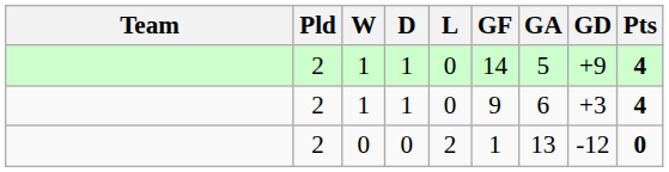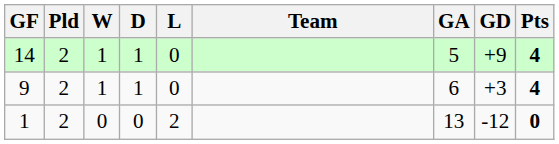 <table class="wikitable" style="text-align: center;">
 <tr>
-<th style="width:175px;">Team</th>
+<th width="20">GF</th>
 <th width="20">Pld</th>
 <th width="20">W</th>
 <th width="20">D</th>
 <th width="20">L</th>
-<th width="20">GF</th>
+<th style="width:175px;">Team</th>
 <th width="20">GA</th>
 <th width="20">GD</th>
 <th width="20">Pts</th>
 </tr>
 <tr style="background:#cfc;">
-<td style="text-align:left;"></td>
+<td>14</td>
 <td>2</td>
 <td>1</td>
 <td>1</td>
 <td>0</td>
-<td>14</td>
+<td style="text-align:left;"></td>
 <td>5</td>
 <td>+9</td>
 <td><strong>4</strong></td>
 </tr>
 <tr align=center>
-<td style="text-align:left;"></td>
+<td>9</td>
 <td>2</td>
 <td>1</td>
 <td>1</td>
 <td>0</td>
-<td>9</td>
+<td style="text-align:left;"></td>
 <td>6</td>
 <td>+3</td>
 <td><strong>4</strong></td>
 </tr>
 <tr align=center>
-<td style="text-align:left;"></td>
+<td>1</td>
 <td>2</td>
 <td>0</td>
 <td>0</td>
 <td>2</td>
-<td>1</td>
+<td style="text-align:left;"></td>
 <td>13</td>
 <td>-12</td>
 <td><strong>0</strong></td>
 </tr>
 </table>
